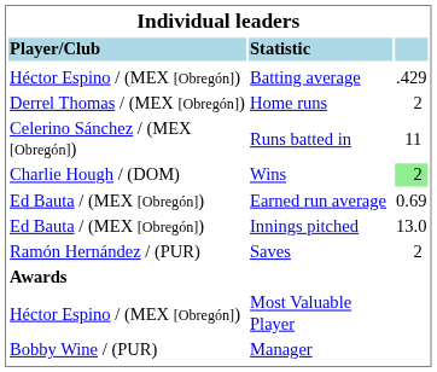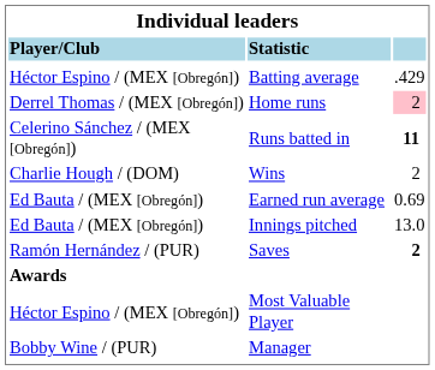 <table cellpadding="1" width="350px" style="font-size: 90%; border: 1px solid gray;">
 <tr align="center" style="font-size: larger;">
 <td colspan=6><strong>Individual leaders</strong></td>
 </tr>
 <tr style="background:lightblue;">
 <td><strong>Player/Club</strong></td>
 <td><strong>Statistic</strong></td>
 <td></td>
 </tr>
 <tr align="center" style="vertical-align: middle;" style="background:lightblue;">
 </tr>
 <tr>
 <td><a href='#'>Héctor Espino</a> / (MEX <small>[Obregón]</small>)</td>
 <td><a href='#'>Batting average</a></td>
 <td>.429</td>
 </tr>
 <tr>
 <td><a href='#'>Derrel Thomas</a> / (MEX <small>[Obregón]</small>)</td>
 <td><a href='#'>Home runs</a></td>
-<td>     2</td>
+<td style="background: pink;">     2</td>
 </tr>
 <tr>
 <td><a href='#'>Celerino Sánchez</a> /  (MEX <small>[Obregón]</small>)</td>
 <td><a href='#'>Runs batted in</a></td>
-<td>  11</td>
+<td><strong>  11</strong></td>
 </tr>
 <tr>
 <td><a href='#'>Charlie Hough</a> / (DOM)</td>
 <td><a href='#'>Wins</a></td>
-<td style="background: lightgreen;">     2</td>
+<td>     2</td>
 </tr>
 <tr>
 <td><a href='#'>Ed Bauta</a> / (MEX <small>[Obregón]</small>)</td>
 <td><a href='#'>Earned run average</a></td>
 <td>0.69</td>
 </tr>
 <tr>
 <td><a href='#'>Ed Bauta</a> / (MEX <small>[Obregón]</small>)</td>
 <td><a href='#'>Innings pitched</a></td>
 <td>13.0</td>
 </tr>
 <tr>
 <td><a href='#'>Ramón Hernández</a> / (PUR)</td>
 <td><a href='#'>Saves</a></td>
-<td>     2</td>
+<td><strong>     2</strong></td>
 </tr>
 <tr>
 <td><strong>Awards</strong></td>
 </tr>
 <tr>
 <td><a href='#'>Héctor Espino</a> / (MEX <small>[Obregón]</small>)</td>
 <td><a href='#'>Most Valuable Player</a></td>
 </tr>
 <tr>
 <td><a href='#'>Bobby Wine</a> / (PUR)</td>
 <td><a href='#'>Manager</a></td>
 </tr>
 <tr>
 </tr>
 </table>
